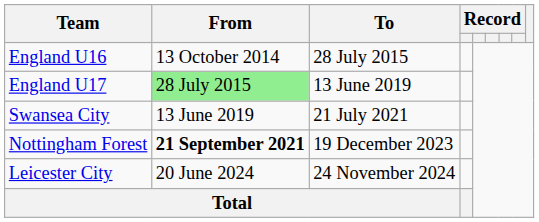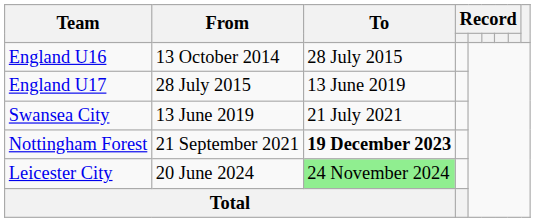 <table class="wikitable" style="text-align: center;">
 <tr>
 <th rowspan="2">Team</th>
 <th rowspan="2">From</th>
 <th rowspan="2">To</th>
 <th colspan="5">Record</th>
 <th rowspan="2"></th>
 </tr>
 <tr>
 <th></th>
 <th></th>
 <th></th>
 <th></th>
 <th></th>
 </tr>
 <tr>
 <td align="left"><a href='#'>England U16</a></td>
 <td align="left">13 October 2014</td>
 <td align="left">28 July 2015<br></td>
 <td></td>
 </tr>
 <tr>
 <td align="left"><a href='#'>England U17</a></td>
-<td align="left" style="background: lightgreen;">28 July 2015</td>
+<td align="left">28 July 2015</td>
 <td align="left">13 June 2019<br></td>
 <td></td>
 </tr>
 <tr>
 <td align="left"><a href='#'>Swansea City</a></td>
 <td align="left">13 June 2019</td>
 <td align="left">21 July 2021<br></td>
 <td></td>
 </tr>
 <tr>
 <td align="left"><a href='#'>Nottingham Forest</a></td>
-<td align="left"><strong>21 September 2021</strong></td>
-<td align="left">19 December 2023<br></td>
+<td align="left">21 September 2021</td>
+<td align="left"><strong>19 December 2023<br></strong></td>
 <td></td>
 </tr>
 <tr>
 <td align="left"><a href='#'>Leicester City</a></td>
 <td align="left">20 June 2024</td>
-<td align="left">24 November 2024<br></td>
+<td align="left" style="background: lightgreen;">24 November 2024<br></td>
 <td></td>
 </tr>
 <tr>
 <th colspan="3">Total<br></th>
 <th></th>
 </tr>
 </table>
